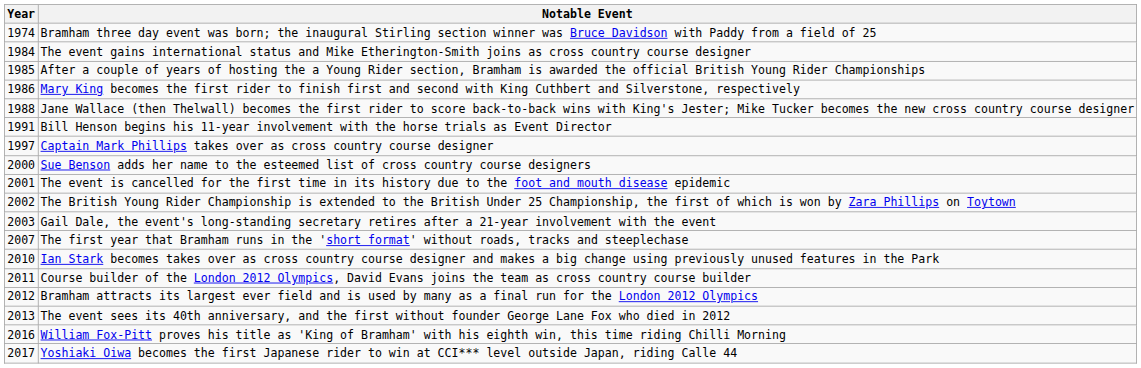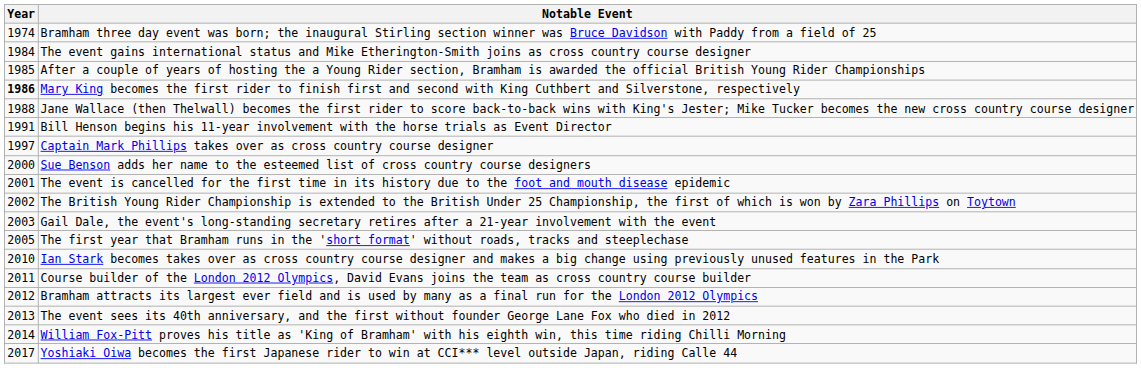 <table class="wikitable">
 <tr>
 <th>Year</th>
 <th>Notable Event</th>
 </tr>
 <tr>
 <td>1974</td>
 <td>Bramham three day event was born; the inaugural Stirling section winner was <a href='#'>Bruce Davidson</a> with Paddy from a field of 25</td>
 </tr>
 <tr>
 <td>1984</td>
 <td>The event gains international status and Mike Etherington-Smith joins as cross country course designer</td>
 </tr>
 <tr>
 <td>1985</td>
 <td>After a couple of years of hosting the a Young Rider section, Bramham is awarded the official British Young Rider Championships</td>
 </tr>
 <tr>
-<td>1986</td>
+<td><strong>1986</strong></td>
 <td><a href='#'>Mary King</a> becomes the first rider to finish first and second with King Cuthbert and Silverstone, respectively</td>
 </tr>
 <tr>
 <td>1988</td>
 <td>Jane Wallace (then Thelwall) becomes the first rider to score back-to-back wins with King's Jester; Mike Tucker becomes the new cross country course designer</td>
 </tr>
 <tr>
 <td>1991</td>
 <td>Bill Henson begins his 11-year involvement with the horse trials as Event Director</td>
 </tr>
 <tr>
 <td>1997</td>
 <td><a href='#'>Captain Mark Phillips</a> takes over as cross country course designer</td>
 </tr>
 <tr>
 <td>2000</td>
 <td><a href='#'>Sue Benson</a> adds her name to the esteemed list of cross country course designers</td>
 </tr>
 <tr>
 <td>2001</td>
 <td>The event is cancelled for the first time in its history due to the <a href='#'>foot and mouth disease</a> epidemic</td>
 </tr>
 <tr>
 <td>2002</td>
 <td>The British Young Rider Championship is extended to the British Under 25 Championship, the first of which is won by <a href='#'>Zara Phillips</a> on <a href='#'>Toytown</a></td>
 </tr>
 <tr>
 <td>2003</td>
 <td>Gail Dale, the event's long-standing secretary retires after a 21-year involvement with the event</td>
 </tr>
 <tr>
-<td>2007</td>
+<td>2005</td>
 <td>The first year that Bramham runs in the '<a href='#'>short format</a>' without roads, tracks and steeplechase</td>
 </tr>
 <tr>
 <td>2010</td>
 <td><a href='#'>Ian Stark</a> becomes takes over as cross country course designer and makes a big change using previously unused features in the Park</td>
 </tr>
 <tr>
 <td>2011</td>
 <td>Course builder of the <a href='#'>London 2012 Olympics</a>, David Evans joins the team as cross country course builder</td>
 </tr>
 <tr>
 <td>2012</td>
 <td>Bramham attracts its largest ever field and is used by many as a final run for the <a href='#'>London 2012 Olympics</a></td>
 </tr>
 <tr>
 <td>2013</td>
 <td>The event sees its 40th anniversary, and the first without founder George Lane Fox who died in 2012</td>
 </tr>
 <tr>
-<td>2016</td>
+<td>2014</td>
 <td><a href='#'>William Fox-Pitt</a> proves his title as 'King of Bramham' with his eighth win, this time riding Chilli Morning</td>
 </tr>
 <tr>
 <td>2017</td>
 <td><a href='#'>Yoshiaki Oiwa</a> becomes the first Japanese rider to win at CCI*** level outside Japan, riding Calle 44</td>
 </tr>
 </table>
